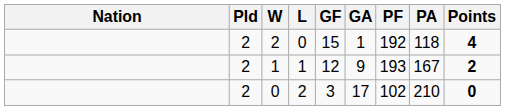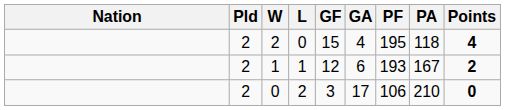 <table class=wikitable style="text-align:center">
 <tr>
 <th width=220>Nation</th>
 <th width=20>Pld</th>
 <th width=20>W</th>
 <th width=20>L</th>
 <th width=20>GF</th>
 <th width=20>GA</th>
 <th width=20>PF</th>
 <th width=20>PA</th>
 <th width=50>Points</th>
 </tr>
 <tr>
 <td align=left></td>
 <td>2</td>
 <td>2</td>
 <td>0</td>
 <td>15</td>
-<td>1</td>
-<td>192</td>
+<td>4</td>
+<td>195</td>
 <td>118</td>
 <td><strong>4</strong></td>
 </tr>
 <tr>
 <td align=left></td>
 <td>2</td>
 <td>1</td>
 <td>1</td>
 <td>12</td>
-<td>9</td>
+<td>6</td>
 <td>193</td>
 <td>167</td>
 <td><strong>2</strong></td>
 </tr>
 <tr>
 <td align=left></td>
 <td>2</td>
 <td>0</td>
 <td>2</td>
 <td>3</td>
 <td>17</td>
-<td>102</td>
+<td>106</td>
 <td>210</td>
 <td><strong>0</strong></td>
 </tr>
 </table>
